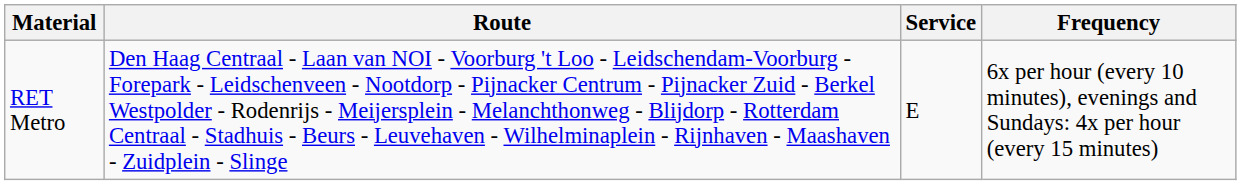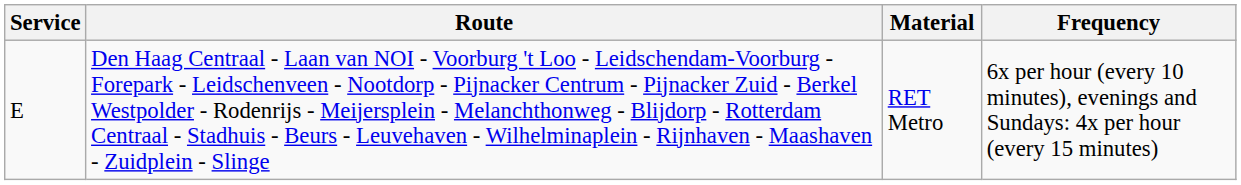 <table class="wikitable vatop">
 <tr>
+<th>Service</th>
+<th>Route</th>
 <th>Material</th>
-<th>Route</th>
-<th>Service</th>
 <th>Frequency</th>
 </tr>
 <tr>
+<td>E</td>
+<td><a href='#'>Den Haag Centraal</a> - <a href='#'>Laan van NOI</a> - <a href='#'>Voorburg 't Loo</a> - <a href='#'>Leidschendam-Voorburg</a> - <a href='#'>Forepark</a> - <a href='#'>Leidschenveen</a> - <a href='#'>Nootdorp</a> - <a href='#'>Pijnacker Centrum</a> - <a href='#'>Pijnacker Zuid</a> - <a href='#'>Berkel Westpolder</a> - Rodenrijs - <a href='#'>Meijersplein</a> - <a href='#'>Melanchthonweg</a> - <a href='#'>Blijdorp</a> - <a href='#'>Rotterdam Centraal</a> - <a href='#'>Stadhuis</a> - <a href='#'>Beurs</a> - <a href='#'>Leuvehaven</a> - <a href='#'>Wilhelminaplein</a> - <a href='#'>Rijnhaven</a> - <a href='#'>Maashaven</a> - <a href='#'>Zuidplein</a> - <a href='#'>Slinge</a></td>
 <td><a href='#'>RET</a> Metro</td>
-<td><a href='#'>Den Haag Centraal</a> - <a href='#'>Laan van NOI</a> - <a href='#'>Voorburg 't Loo</a> - <a href='#'>Leidschendam-Voorburg</a> - <a href='#'>Forepark</a> - <a href='#'>Leidschenveen</a> - <a href='#'>Nootdorp</a> - <a href='#'>Pijnacker Centrum</a> - <a href='#'>Pijnacker Zuid</a> - <a href='#'>Berkel Westpolder</a> - Rodenrijs - <a href='#'>Meijersplein</a> - <a href='#'>Melanchthonweg</a> - <a href='#'>Blijdorp</a> - <a href='#'>Rotterdam Centraal</a> - <a href='#'>Stadhuis</a> - <a href='#'>Beurs</a> - <a href='#'>Leuvehaven</a> - <a href='#'>Wilhelminaplein</a> - <a href='#'>Rijnhaven</a> - <a href='#'>Maashaven</a> - <a href='#'>Zuidplein</a> - <a href='#'>Slinge</a></td>
-<td>E</td>
 <td>6x per hour (every 10 minutes), evenings and Sundays: 4x per hour (every 15 minutes)</td>
 </tr>
 </table>
